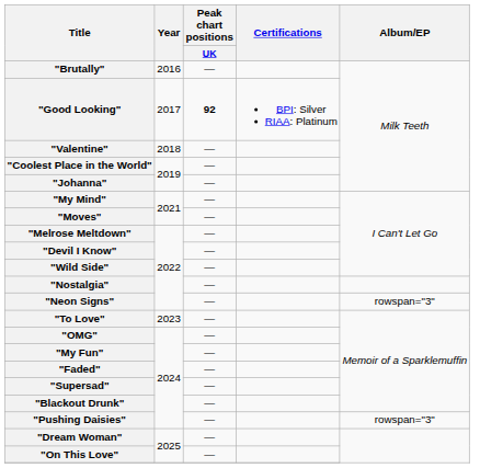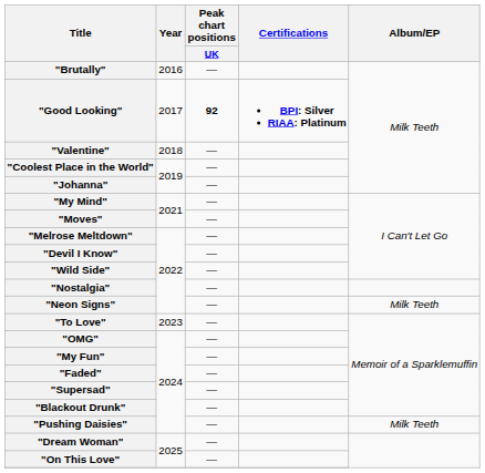 <table class="wikitable plainrowheaders" style="text-align:center">
 <tr>
 <th scope="col" rowspan="2">Title</th>
 <th scope="col" rowspan="2">Year</th>
 <th scope="col">Peak chart positions</th>
 <th scope="col" rowspan="2"><a href='#'>Certifications</a></th>
 <th scope="col" rowspan="2">Album/EP</th>
 </tr>
 <tr>
 <th scope="col" style="width:3em;font-size:90%"><a href='#'>UK</a><br></th>
 </tr>
 <tr>
 <th scope="row">"Brutally"</th>
 <td>2016</td>
 <td>—</td>
 <td></td>
 <td rowspan="5"><em>Milk Teeth</em></td>
 </tr>
 <tr>
 <th scope="row">"Good Looking"</th>
 <td>2017</td>
 <td><strong>92</strong></td>
-<td><br><ul><li><a href='#'>BPI</a>: Silver</li><li><a href='#'>RIAA</a>: Platinum</li></ul></td>
+<td><strong><br><ul><li><a href='#'>BPI</a>: Silver</li><li><a href='#'>RIAA</a>: Platinum</li></ul></strong></td>
 </tr>
 <tr>
 <th scope="row">"Valentine"</th>
 <td>2018</td>
 <td>—</td>
 <td></td>
 </tr>
 <tr>
 <th scope="row">"Coolest Place in the World"</th>
 <td rowspan="2">2019</td>
 <td>—</td>
 <td></td>
 </tr>
 <tr>
 <th scope="row">"Johanna"</th>
 <td>—</td>
 <td></td>
 </tr>
 <tr>
 <th scope="row">"My Mind"</th>
 <td rowspan="2">2021</td>
 <td>—</td>
 <td></td>
 <td rowspan="5"><em>I Can't Let Go</em></td>
 </tr>
 <tr>
 <th scope="row">"Moves"</th>
 <td>—</td>
 <td></td>
 </tr>
 <tr>
 <th scope="row">"Melrose Meltdown"</th>
 <td rowspan="5">2022</td>
 <td>—</td>
 <td></td>
 </tr>
 <tr>
 <th scope="row">"Devil I Know"</th>
 <td>—</td>
 <td></td>
 </tr>
 <tr>
 <th scope="row">"Wild Side"</th>
 <td>—</td>
 <td></td>
 </tr>
 <tr>
 <th scope="row">"Nostalgia"</th>
 <td>—</td>
 <td></td>
 <td></td>
 </tr>
 <tr>
 <th scope="row">"Neon Signs"</th>
 <td>—</td>
 <td></td>
-<td>rowspan="3" </td>
+<td><em>Milk Teeth</em></td>
 </tr>
 <tr>
 <th scope="row">"To Love"</th>
 <td>2023</td>
 <td>—</td>
 <td></td>
 <td rowspan = "6"><em>Memoir of a Sparklemuffin</em></td>
 </tr>
 <tr>
 <th scope="row">"OMG"</th>
 <td rowspan="6">2024</td>
 <td>—</td>
 <td></td>
 </tr>
 <tr>
 <th scope="row">"My Fun"</th>
 <td>—</td>
 <td></td>
 </tr>
 <tr>
 <th scope="row">"Faded"</th>
 <td>—</td>
 <td></td>
 </tr>
 <tr>
 <th scope="row">"Supersad"</th>
 <td>—</td>
 <td></td>
 </tr>
 <tr>
 <th scope="row">"Blackout Drunk"</th>
 <td>—</td>
 <td></td>
 </tr>
 <tr>
 <th scope="row">"Pushing Daisies"<br></th>
 <td>—</td>
 <td></td>
-<td>rowspan="3" </td>
+<td><em>Milk Teeth</em></td>
 </tr>
 <tr>
 <th scope="row">"Dream Woman"</th>
 <td rowspan="2">2025</td>
 <td>—</td>
 <td></td>
 </tr>
 <tr>
 <th scope="row">"On This Love"</th>
 <td>—</td>
 <td></td>
 </tr>
 <tr>
 </tr>
 </table>
